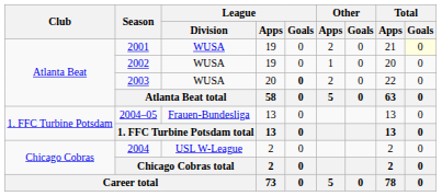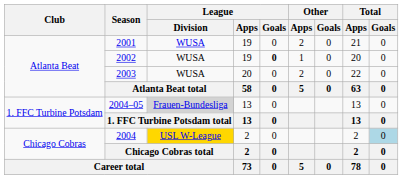 <table class="wikitable" style="text-align: center;">
 <tr>
 <th rowspan=2>Club</th>
 <th rowspan=2>Season</th>
 <th colspan=3>League</th>
 <th colspan=2>Other</th>
 <th colspan=2>Total</th>
 </tr>
 <tr>
 <th>Division</th>
 <th>Apps</th>
 <th>Goals</th>
 <th>Apps</th>
 <th>Goals</th>
 <th>Apps</th>
 <th>Goals</th>
 </tr>
 <tr>
 <td rowspan=4><a href='#'>Atlanta Beat</a></td>
 <td><a href='#'>2001</a></td>
 <td><a href='#'>WUSA</a></td>
 <td>19</td>
 <td>0</td>
 <td>2</td>
 <td>0</td>
 <td>21</td>
-<td style="background: lightyellow;">0</td>
+<td>0</td>
 </tr>
 <tr>
 <td><a href='#'>2002</a></td>
 <td>WUSA</td>
 <td>19</td>
-<td>0</td>
+<td><strong>0</strong></td>
 <td>1</td>
 <td>0</td>
 <td>20</td>
 <td>0</td>
 </tr>
 <tr>
 <td><a href='#'>2003</a></td>
 <td>WUSA</td>
 <td>20</td>
-<td><strong>0</strong></td>
+<td>0</td>
 <td>2</td>
 <td>0</td>
 <td>22</td>
 <td>0</td>
 </tr>
 <tr>
 <th colspan=2>Atlanta Beat total</th>
 <th>58</th>
 <th>0</th>
 <th>5</th>
 <th>0</th>
 <th>63</th>
 <th>0</th>
 </tr>
 <tr>
 <td rowspan=2><a href='#'>1. FFC Turbine Potsdam</a></td>
 <td><a href='#'>2004–05</a></td>
-<td><a href='#'>Frauen-Bundesliga</a></td>
+<td style="background: lightgrey;"><a href='#'>Frauen-Bundesliga</a></td>
 <td>13</td>
 <td>0</td>
 <td></td>
 <td></td>
 <td>13</td>
 <td>0</td>
 </tr>
 <tr>
 <th colspan=2>1. FFC Turbine Potsdam total</th>
 <th>13</th>
 <th>0</th>
 <th></th>
 <th></th>
 <th>13</th>
 <th>0</th>
 </tr>
 <tr>
 <td rowspan=2><a href='#'>Chicago Cobras</a></td>
 <td><a href='#'>2004</a></td>
-<td><a href='#'>USL W-League</a></td>
+<td style="background: gold;"><a href='#'>USL W-League</a></td>
 <td>2</td>
 <td>0</td>
 <td></td>
 <td></td>
 <td>2</td>
-<td>0</td>
+<td style="background: lightblue;">0</td>
 </tr>
 <tr>
 <th colspan=2>Chicago Cobras total</th>
 <th>2</th>
 <th>0</th>
 <th></th>
 <th></th>
 <th>2</th>
 <th>0</th>
 </tr>
 <tr>
 <th colspan=3>Career total</th>
 <th>73</th>
 <th>0</th>
 <th>5</th>
 <th>0</th>
 <th>78</th>
 <th>0</th>
 </tr>
 </table>
